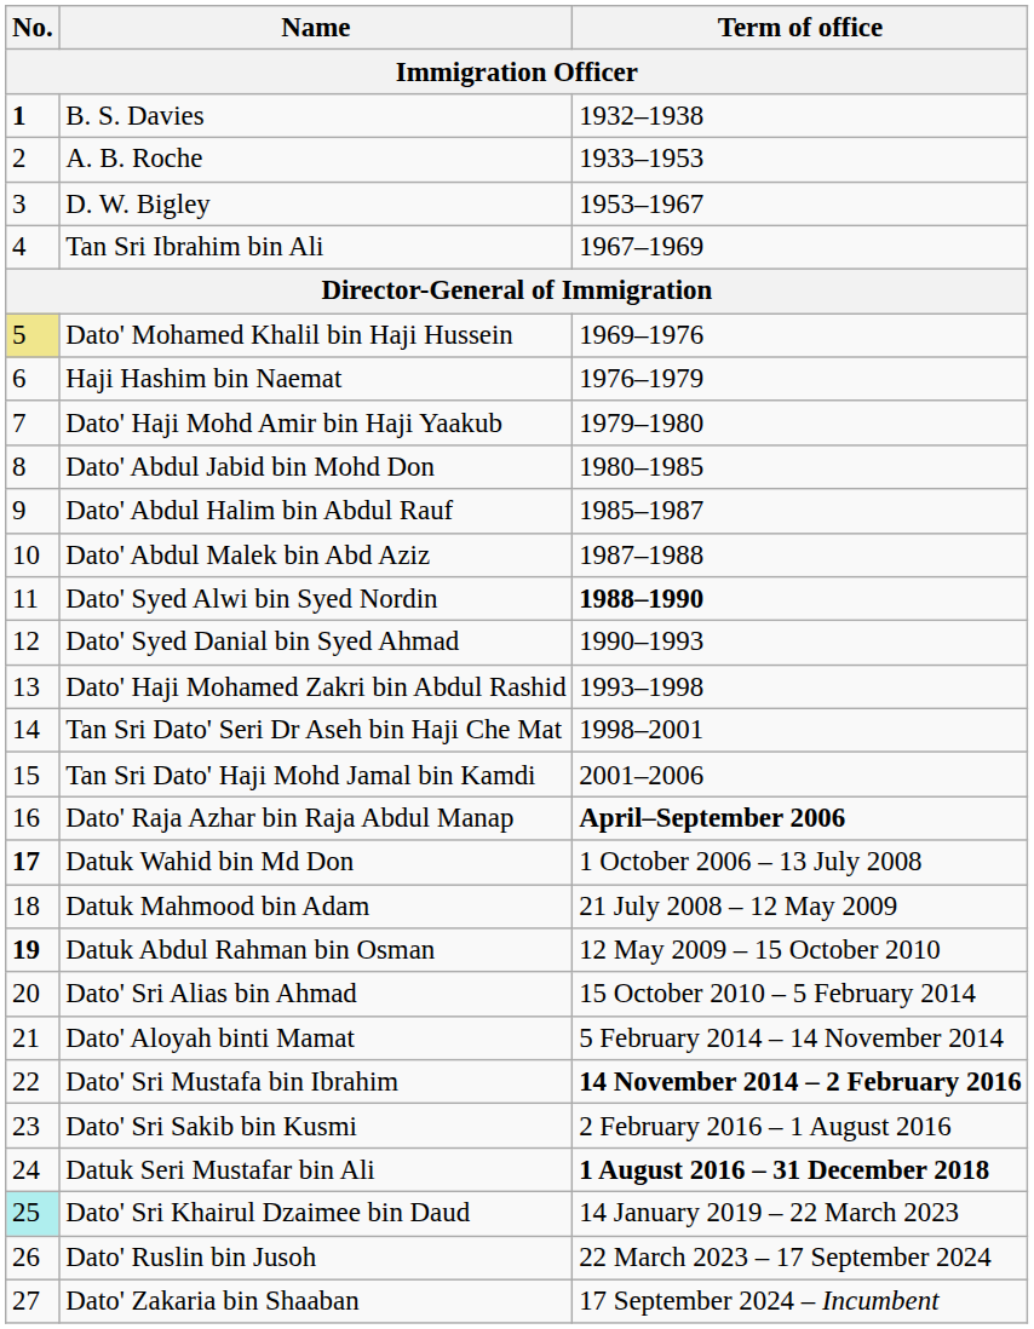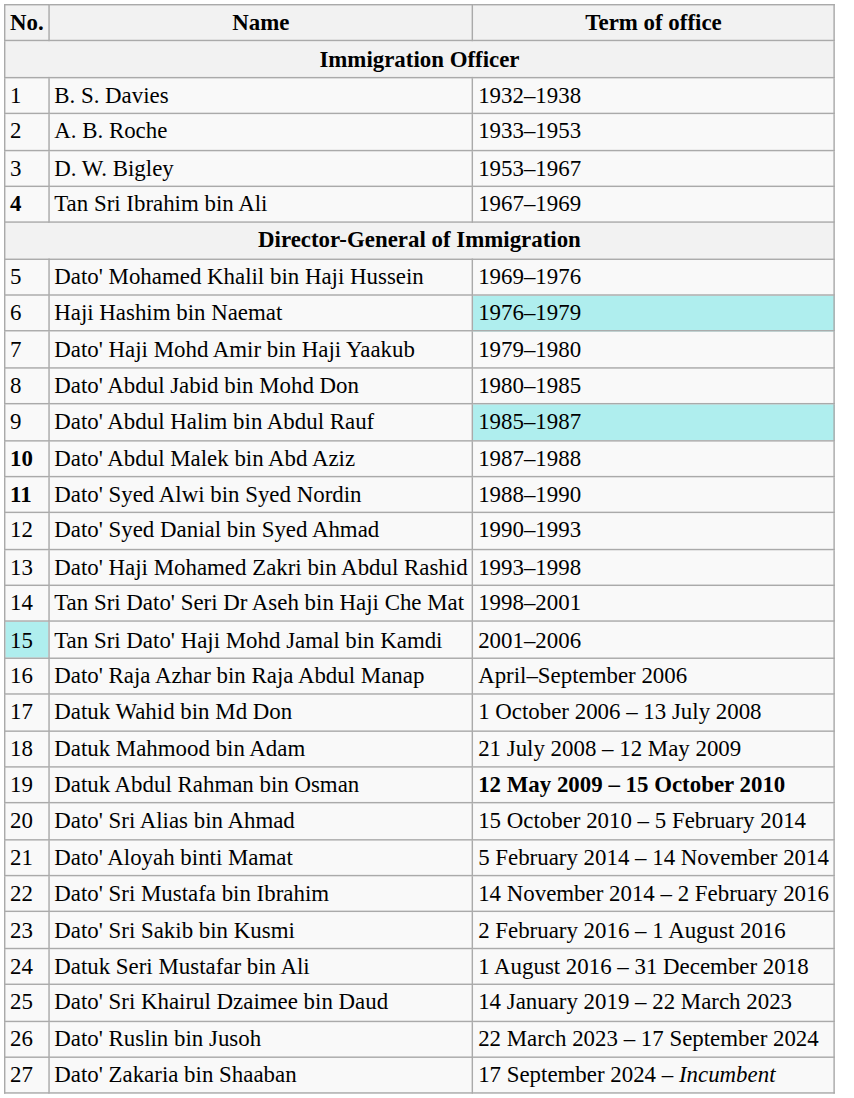 <table class="wikitable" border="1">
 <tr>
 <th>No.</th>
 <th>Name</th>
 <th>Term of office</th>
 </tr>
 <tr>
 <th colspan=3 align=center>Immigration Officer</th>
 </tr>
 <tr>
-<td><strong>1</strong></td>
+<td>1</td>
 <td>B. S. Davies</td>
 <td>1932–1938</td>
 </tr>
 <tr>
 <td>2</td>
 <td>A. B. Roche</td>
 <td>1933–1953</td>
 </tr>
 <tr>
 <td>3</td>
 <td>D. W. Bigley</td>
 <td>1953–1967</td>
 </tr>
 <tr>
-<td>4</td>
+<td><strong>4</strong></td>
 <td>Tan Sri Ibrahim bin Ali</td>
 <td>1967–1969</td>
 </tr>
 <tr>
 <th colspan=3 align=center>Director-General of Immigration</th>
 </tr>
 <tr>
-<td style="background: khaki;">5</td>
+<td>5</td>
 <td>Dato' Mohamed Khalil bin Haji Hussein</td>
 <td>1969–1976</td>
 </tr>
 <tr>
 <td>6</td>
 <td>Haji Hashim bin Naemat</td>
-<td>1976–1979</td>
+<td style="background: paleturquoise;">1976–1979</td>
 </tr>
 <tr>
 <td>7</td>
 <td>Dato' Haji Mohd Amir bin Haji Yaakub</td>
 <td>1979–1980</td>
 </tr>
 <tr>
 <td>8</td>
 <td>Dato' Abdul Jabid bin Mohd Don</td>
 <td>1980–1985</td>
 </tr>
 <tr>
 <td>9</td>
 <td>Dato' Abdul Halim bin Abdul Rauf</td>
-<td>1985–1987</td>
+<td style="background: paleturquoise;">1985–1987</td>
 </tr>
 <tr>
-<td>10</td>
+<td><strong>10</strong></td>
 <td>Dato' Abdul Malek bin Abd Aziz</td>
 <td>1987–1988</td>
 </tr>
 <tr>
-<td>11</td>
+<td><strong>11</strong></td>
 <td>Dato' Syed Alwi bin Syed Nordin</td>
-<td><strong>1988–1990</strong></td>
+<td>1988–1990</td>
 </tr>
 <tr>
 <td>12</td>
 <td>Dato' Syed Danial bin Syed Ahmad</td>
 <td>1990–1993</td>
 </tr>
 <tr>
 <td>13</td>
 <td>Dato' Haji Mohamed Zakri bin Abdul Rashid</td>
 <td>1993–1998</td>
 </tr>
 <tr>
 <td>14</td>
 <td>Tan Sri Dato' Seri Dr Aseh bin Haji Che Mat</td>
 <td>1998–2001</td>
 </tr>
 <tr>
-<td>15</td>
+<td style="background: paleturquoise;">15</td>
 <td>Tan Sri Dato' Haji Mohd Jamal bin Kamdi</td>
 <td>2001–2006</td>
 </tr>
 <tr>
 <td>16</td>
 <td>Dato' Raja Azhar bin Raja Abdul Manap</td>
-<td><strong>April–September 2006</strong></td>
+<td>April–September 2006</td>
 </tr>
 <tr>
-<td><strong>17</strong></td>
+<td>17</td>
 <td>Datuk Wahid bin Md Don</td>
 <td>1 October 2006 – 13 July 2008</td>
 </tr>
 <tr>
 <td>18</td>
 <td>Datuk Mahmood bin Adam</td>
 <td>21 July 2008 – 12 May 2009</td>
 </tr>
 <tr>
-<td><strong>19</strong></td>
+<td>19</td>
 <td>Datuk Abdul Rahman bin Osman</td>
-<td>12 May 2009 – 15 October 2010</td>
+<td><strong>12 May 2009 – 15 October 2010</strong></td>
 </tr>
 <tr>
 <td>20</td>
 <td>Dato' Sri Alias bin Ahmad</td>
 <td>15 October 2010 – 5 February 2014</td>
 </tr>
 <tr>
 <td>21</td>
 <td>Dato' Aloyah binti Mamat</td>
 <td>5 February 2014 – 14 November 2014</td>
 </tr>
 <tr>
 <td>22</td>
 <td>Dato' Sri Mustafa bin Ibrahim</td>
-<td><strong>14 November 2014 – 2 February 2016</strong></td>
+<td>14 November 2014 – 2 February 2016</td>
 </tr>
 <tr>
 <td>23</td>
 <td>Dato' Sri Sakib bin Kusmi</td>
 <td>2 February 2016 – 1 August 2016</td>
 </tr>
 <tr>
 <td>24</td>
 <td>Datuk Seri Mustafar bin Ali</td>
-<td><strong>1 August 2016 – 31 December 2018</strong></td>
+<td>1 August 2016 – 31 December 2018</td>
 </tr>
 <tr>
-<td style="background: paleturquoise;">25</td>
+<td>25</td>
 <td>Dato' Sri Khairul Dzaimee bin Daud</td>
 <td>14 January 2019 – 22 March 2023</td>
 </tr>
 <tr>
 <td>26</td>
 <td>Dato' Ruslin bin Jusoh</td>
 <td>22 March 2023 – 17 September 2024</td>
 </tr>
 <tr>
 <td>27</td>
 <td>Dato' Zakaria bin Shaaban</td>
 <td>17 September 2024 – <em>Incumbent</em></td>
 </tr>
 </table>
